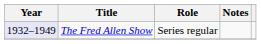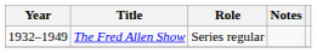 <table class="wikitable plainrowheaders sortable" style="margin-right: 0;">
 <tr>
 <th scope="col">Year</th>
 <th scope="col">Title</th>
 <th scope="col">Role</th>
 <th scope="col" class="unsortable">Notes</th>
 <th scope="col" class="unsortable"></th>
 </tr>
 <tr>
-<td style="background: lavender;">1932–1949</td>
+<td>1932–1949</td>
 <td data-sort-value=Fred Allen><em><a href='#'>The Fred Allen Show</a></em></td>
 <td>Series regular</td>
 <td></td>
 <td style="text-align:center;"></td>
 </tr>
 <tr>
 </tr>
 </table>
